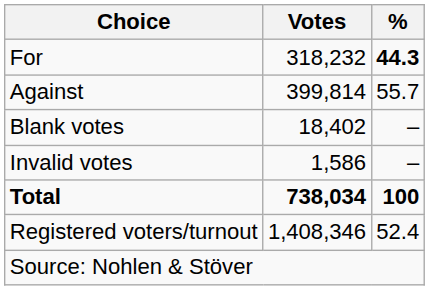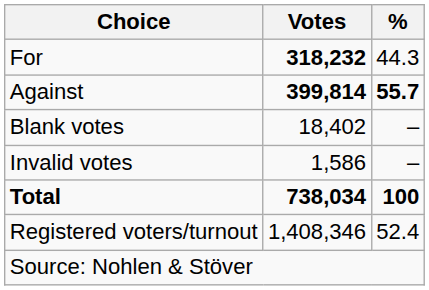 <table class=wikitable style=text-align:right>
 <tr>
 <th>Choice</th>
 <th>Votes</th>
 <th>%</th>
 </tr>
 <tr>
 <td align=left>For</td>
-<td>318,232</td>
-<td><strong>44.3</strong></td>
+<td><strong>318,232</strong></td>
+<td>44.3</td>
 </tr>
 <tr>
 <td align=left>Against</td>
-<td>399,814</td>
-<td>55.7</td>
+<td><strong>399,814</strong></td>
+<td><strong>55.7</strong></td>
 </tr>
 <tr>
 <td align=left>Blank votes</td>
 <td>18,402</td>
 <td>–</td>
 </tr>
 <tr>
 <td align=left>Invalid votes</td>
 <td>1,586</td>
 <td>–</td>
 </tr>
 <tr>
 <td align=left><strong>Total</strong></td>
 <td><strong>738,034</strong></td>
 <td><strong>100</strong></td>
 </tr>
 <tr>
 <td align=left>Registered voters/turnout</td>
 <td>1,408,346</td>
 <td>52.4</td>
 </tr>
 <tr>
 <td align=left colspan=6>Source: Nohlen & Stöver</td>
 </tr>
 </table>
